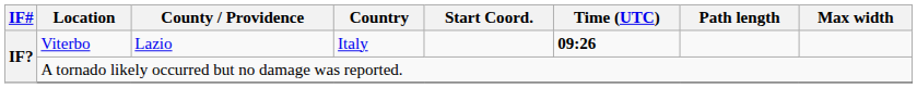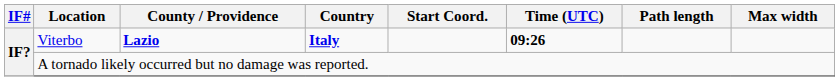 <table class="wikitable sortable" style="width:100%;">
 <tr>
 <th scope="col" width="2%" align="center"><a href='#'>IF#</a></th>
 <th scope="col" align="center" class="unsortable">Location</th>
 <th scope="col" align="center" class="unsortable">County / Providence</th>
 <th scope="col" align="center">Country</th>
 <th scope="col" align="center">Start Coord.</th>
 <th scope="col" align="center">Time (<a href='#'>UTC</a>)</th>
 <th scope="col" align="center">Path length</th>
 <th scope="col" align="center">Max width</th>
 </tr>
 <tr>
 <th scope="row" rowspan="2" style="background-color:#">IF?</th>
 <td><a href='#'>Viterbo</a></td>
-<td><a href='#'>Lazio</a></td>
-<td><a href='#'>Italy</a></td>
+<td><strong><a href='#'>Lazio</a></strong></td>
+<td><strong><a href='#'>Italy</a></strong></td>
 <td></td>
 <td><strong>09:26</strong></td>
 <td></td>
 <td></td>
 </tr>
 <tr class="expand-child">
 <td colspan="8" style=" border-bottom: 1px solid black;">A tornado likely occurred but no damage was reported.</td>
 </tr>
 <tr>
 </tr>
 </table>
